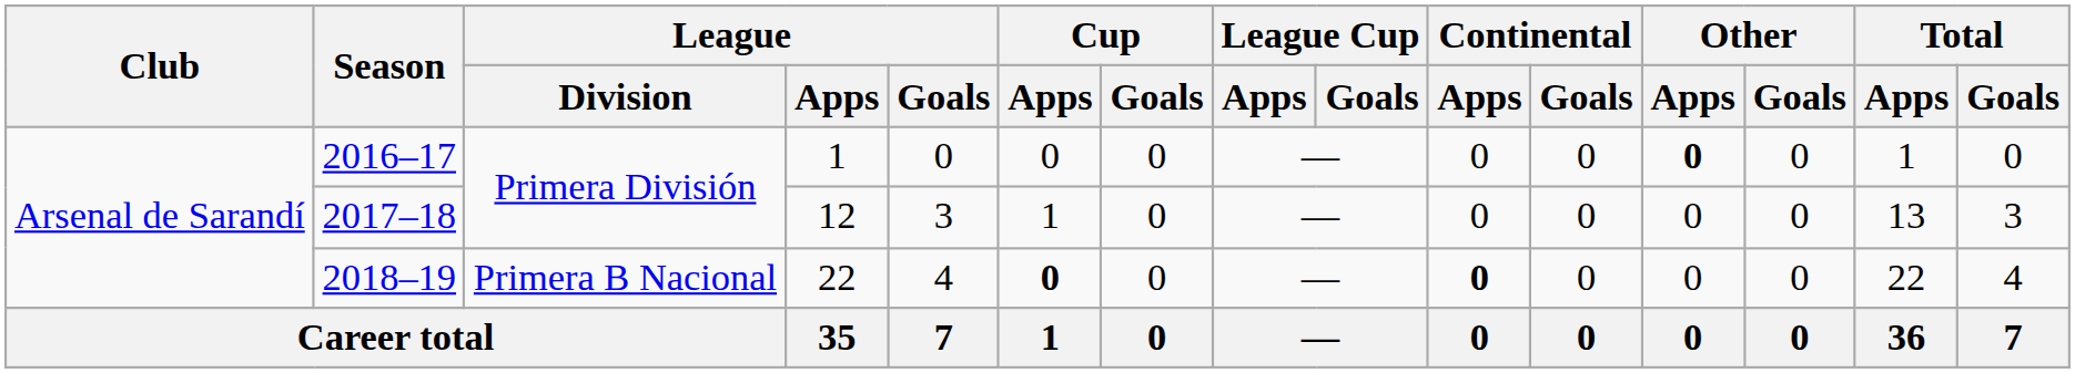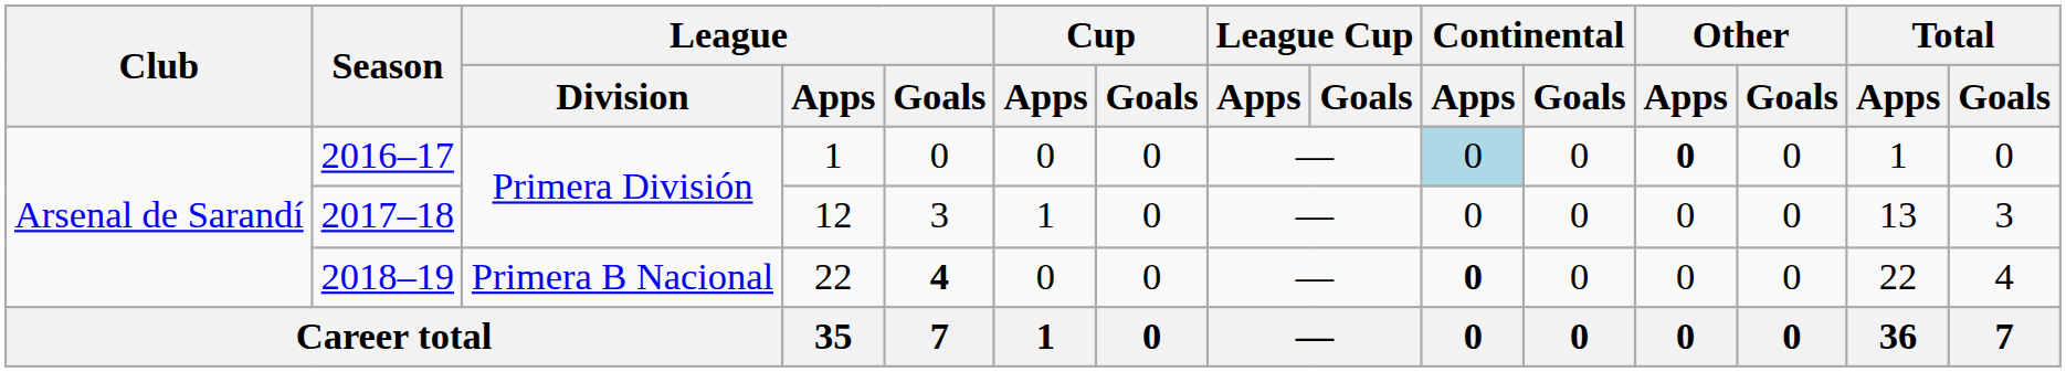 <table class="wikitable" style="text-align:center">
 <tr>
 <th rowspan="2">Club</th>
 <th rowspan="2">Season</th>
 <th colspan="3">League</th>
 <th colspan="2">Cup</th>
 <th colspan="2">League Cup</th>
 <th colspan="2">Continental</th>
 <th colspan="2">Other</th>
 <th colspan="2">Total</th>
 </tr>
 <tr>
 <th>Division</th>
 <th>Apps</th>
 <th>Goals</th>
 <th>Apps</th>
 <th>Goals</th>
 <th>Apps</th>
 <th>Goals</th>
 <th>Apps</th>
 <th>Goals</th>
 <th>Apps</th>
 <th>Goals</th>
 <th>Apps</th>
 <th>Goals</th>
 </tr>
 <tr>
 <td rowspan="3"><a href='#'>Arsenal de Sarandí</a></td>
 <td><a href='#'>2016–17</a></td>
 <td rowspan="2"><a href='#'>Primera División</a></td>
 <td>1</td>
 <td>0</td>
 <td>0</td>
 <td>0</td>
 <td colspan="2">—</td>
-<td>0</td>
+<td style="background: lightblue;">0</td>
 <td>0</td>
 <td><strong>0</strong></td>
 <td>0</td>
 <td>1</td>
 <td>0</td>
 </tr>
 <tr>
 <td><a href='#'>2017–18</a></td>
 <td>12</td>
 <td>3</td>
 <td>1</td>
 <td>0</td>
 <td colspan="2">—</td>
 <td>0</td>
 <td>0</td>
 <td>0</td>
 <td>0</td>
 <td>13</td>
 <td>3</td>
 </tr>
 <tr>
 <td><a href='#'>2018–19</a></td>
 <td rowspan="1"><a href='#'>Primera B Nacional</a></td>
 <td>22</td>
-<td>4</td>
-<td><strong>0</strong></td>
+<td><strong>4</strong></td>
+<td>0</td>
 <td>0</td>
 <td colspan="2">—</td>
 <td><strong>0</strong></td>
 <td>0</td>
 <td>0</td>
 <td>0</td>
 <td>22</td>
 <td>4</td>
 </tr>
 <tr>
 <th colspan="3">Career total</th>
 <th>35</th>
 <th>7</th>
 <th>1</th>
 <th>0</th>
 <th colspan="2">—</th>
 <th>0</th>
 <th>0</th>
 <th>0</th>
 <th>0</th>
 <th>36</th>
 <th>7</th>
 </tr>
 </table>
